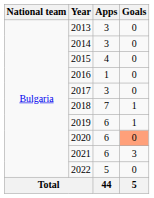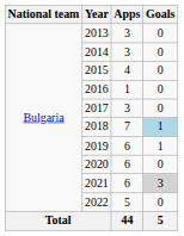 <table class="wikitable" style="text-align:center">
 <tr>
 <th>National team</th>
 <th>Year</th>
 <th>Apps</th>
 <th>Goals</th>
 </tr>
 <tr>
 <td rowspan="10"><a href='#'>Bulgaria</a></td>
 <td>2013</td>
 <td>3</td>
 <td>0</td>
 </tr>
 <tr>
 <td>2014</td>
 <td>3</td>
 <td>0</td>
 </tr>
 <tr>
 <td>2015</td>
 <td>4</td>
 <td>0</td>
 </tr>
 <tr>
 <td>2016</td>
 <td>1</td>
 <td>0</td>
 </tr>
 <tr>
 <td>2017</td>
 <td>3</td>
 <td>0</td>
 </tr>
 <tr>
 <td>2018</td>
 <td>7</td>
-<td>1</td>
+<td style="background: lightblue;">1</td>
 </tr>
 <tr>
 <td>2019</td>
 <td>6</td>
 <td>1</td>
 </tr>
 <tr>
 <td>2020</td>
 <td>6</td>
-<td style="background: lightsalmon;">0</td>
+<td>0</td>
 </tr>
 <tr>
 <td>2021</td>
 <td>6</td>
-<td>3</td>
+<td style="background: lightgrey;">3</td>
 </tr>
 <tr>
 <td>2022</td>
 <td>5</td>
 <td>0</td>
 </tr>
 <tr>
 <th colspan="2">Total</th>
 <th>44</th>
 <th>5</th>
 </tr>
 </table>
